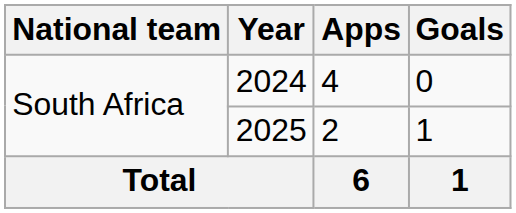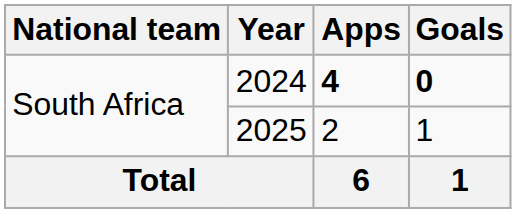 <table class="wikitable">
 <tr>
 <th>National team</th>
 <th>Year</th>
 <th>Apps</th>
 <th>Goals</th>
 </tr>
 <tr>
 <td rowspan="2">South Africa</td>
 <td>2024</td>
-<td>4</td>
-<td>0</td>
+<td><strong>4</strong></td>
+<td><strong>0</strong></td>
 </tr>
 <tr>
 <td>2025</td>
 <td>2</td>
 <td>1</td>
 </tr>
 <tr>
 <th colspan="2">Total</th>
 <th>6</th>
 <th>1</th>
 </tr>
 </table>
